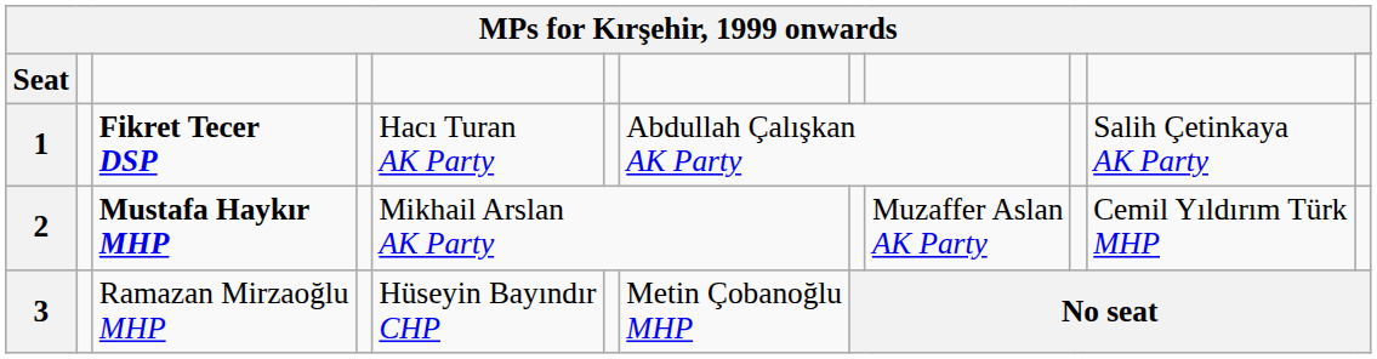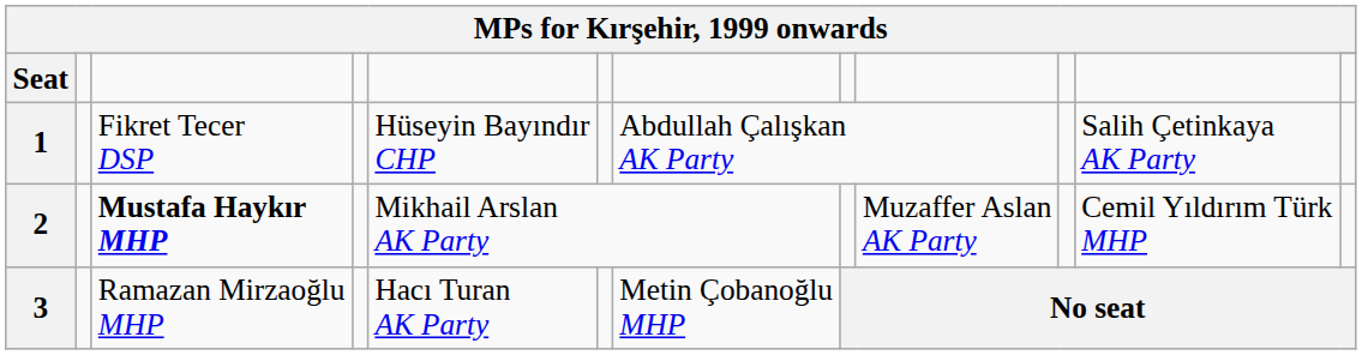 <table class="wikitable">
 <tr>
 <th colspan = 12>MPs for Kırşehir, 1999 onwards</th>
 </tr>
 <tr>
 <th rowspan = 2>Seat</th>
 <td rowspan="2" style="width:1px;"></td>
 <td rowspan = 2></td>
 <td rowspan="2" style="width:1px;"></td>
 <td rowspan = 2></td>
 <td rowspan="2" style="width:1px;"></td>
 <td rowspan = 2></td>
 <td rowspan="2" style="width:1px;"></td>
 <td rowspan = 2></td>
 <td rowspan="2" style="width:1px;"></td>
 <td rowspan = 2></td>
 </tr>
 <tr>
 <td></td>
 </tr>
 <tr>
 <th>1</th>
 <td width=1px style="background-color: "></td>
-<td colspan = 1><strong>Fikret Tecer<br><em><a href='#'>DSP</a></em></strong></td>
+<td colspan = 1>Fikret Tecer<br><em><a href='#'>DSP</a></em></td>
 <td width=1px style="background-color: "></td>
-<td colspan = 1>Hacı Turan<br><em><a href='#'>AK Party</a></em></td>
+<td colspan = 1>Hüseyin Bayındır<br><em><a href='#'>CHP</a></em></td>
 <td width=1px style="background-color: "></td>
 <td colspan = 3>Abdullah Çalışkan<br><em><a href='#'>AK Party</a></em></td>
 <td width=1px style="background-color: "></td>
 <td colspan = 1>Salih Çetinkaya<br><em><a href='#'>AK Party</a></em></td>
 <td width=1px style="background-color: "></td>
 </tr>
 <tr>
 <th>2</th>
 <td width=1px style="background-color: "></td>
 <td colspan = 1><strong>Mustafa Haykır<br><em><a href='#'>MHP</a></em></strong></td>
 <td width=1px style="background-color: "></td>
 <td colspan = 3>Mikhail Arslan<br><em><a href='#'>AK Party</a></em></td>
 <td width=1px style="background-color: "></td>
 <td colspan = 1>Muzaffer Aslan<br><em><a href='#'>AK Party</a></em></td>
 <td width=1px style="background-color: "></td>
 <td colspan = 1>Cemil Yıldırım Türk<br><em><a href='#'>MHP</a></em></td>
 <td width=1px style="background-color: "></td>
 </tr>
 <tr>
 <th>3</th>
 <td width=1px style="background-color: "></td>
 <td colspan = 1>Ramazan Mirzaoğlu<br><em><a href='#'>MHP</a></em></td>
 <td width=1px style="background-color: "></td>
-<td colspan = 1>Hüseyin Bayındır<br><em><a href='#'>CHP</a></em></td>
+<td colspan = 1>Hacı Turan<br><em><a href='#'>AK Party</a></em></td>
 <td width=1px style="background-color: "></td>
 <td colspan = 1>Metin Çobanoğlu<br><em><a href='#'>MHP</a></em></td>
 <th colspan = 5>No seat</th>
 </tr>
 </table>
